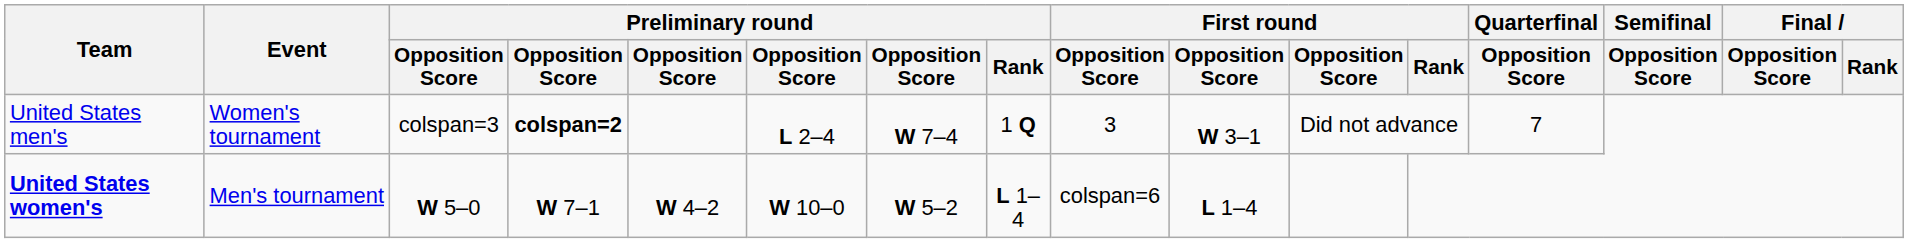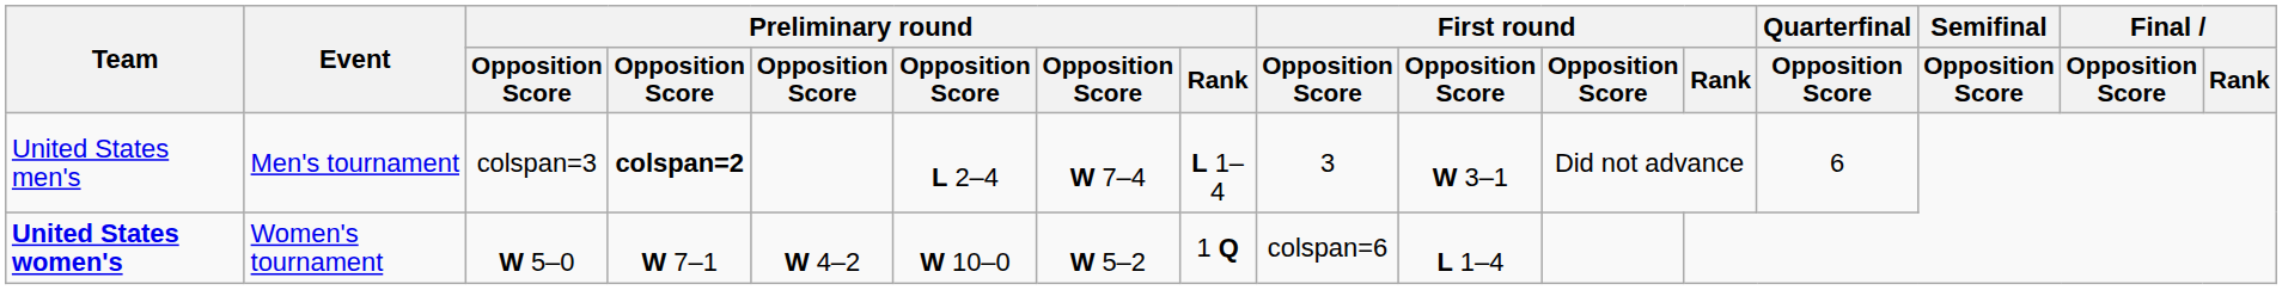 <table class=wikitable style=font-size:90%;text-align:center>
 <tr>
 <th rowspan=2>Team</th>
 <th rowspan=2>Event</th>
 <th colspan=6>Preliminary round</th>
 <th colspan=4>First round</th>
 <th>Quarterfinal</th>
 <th>Semifinal</th>
 <th colspan=2>Final / </th>
 </tr>
 <tr style=font-size:95%>
 <th>Opposition<br>Score</th>
 <th>Opposition<br>Score</th>
 <th>Opposition<br>Score</th>
 <th>Opposition<br>Score</th>
 <th>Opposition<br>Score</th>
 <th>Rank</th>
 <th>Opposition<br>Score</th>
 <th>Opposition<br>Score</th>
 <th>Opposition<br>Score</th>
 <th>Rank</th>
 <th>Opposition<br>Score</th>
 <th>Opposition<br>Score</th>
 <th>Opposition<br>Score</th>
 <th>Rank</th>
 </tr>
 <tr>
 <td align=left><a href='#'>United States men's</a></td>
-<td align=left><a href='#'>Women's tournament</a></td>
+<td align=left><a href='#'>Men's tournament</a></td>
 <td>colspan=3 </td>
 <td><strong>colspan=2 </strong></td>
 <td></td>
 <td><br><strong>L</strong> 2–4</td>
 <td><br><strong>W</strong> 7–4</td>
-<td>1 <strong>Q</strong></td>
+<td><br><strong>L</strong> 1–4</td>
 <td>3</td>
 <td><br><strong>W</strong> 3–1</td>
 <td colspan=2>Did not advance</td>
-<td>7</td>
+<td>6</td>
 </tr>
 <tr>
 <td align=left><strong><a href='#'>United States women's</a></strong></td>
-<td align=left><a href='#'>Men's tournament</a></td>
+<td align=left><a href='#'>Women's tournament</a></td>
 <td><br><strong>W</strong> 5–0</td>
 <td><br><strong>W</strong> 7–1</td>
 <td><br><strong>W</strong> 4–2</td>
 <td><br><strong>W</strong> 10–0</td>
 <td><br><strong>W</strong> 5–2</td>
-<td><br><strong>L</strong> 1–4</td>
+<td>1 <strong>Q</strong></td>
 <td>colspan=6 </td>
 <td><br><strong>L</strong> 1–4</td>
 <td></td>
 </tr>
 </table>
